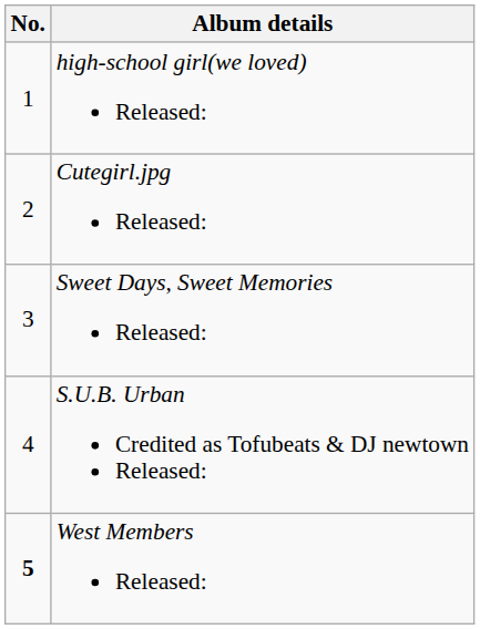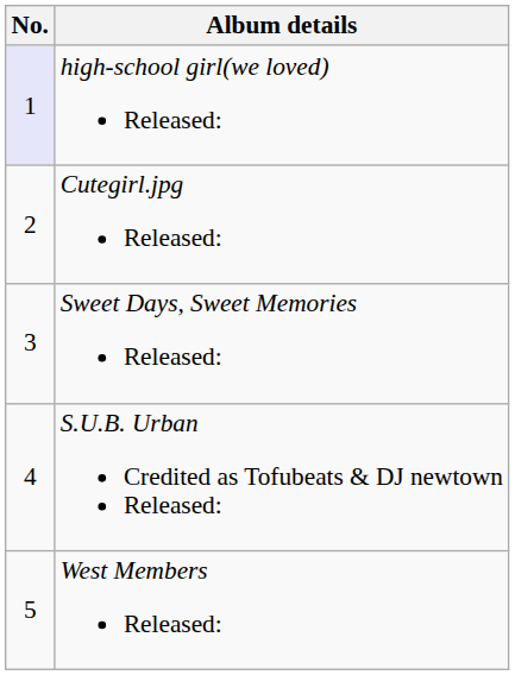 <table class="wikitable">
 <tr>
 <th rowspan="1">No.</th>
 <th rowspan="1">Album details</th>
 </tr>
 <tr>
-<td align="center">1</td>
+<td align="center" style="background: lavender;">1</td>
 <td><em>high-school girl(we loved)</em><br><ul><li>Released: </li></ul></td>
 </tr>
 <tr>
 <td align="center">2</td>
 <td><em>Cutegirl.jpg</em><br><ul><li>Released: </li></ul></td>
 </tr>
 <tr>
 <td align="center">3</td>
 <td><em>Sweet Days, Sweet Memories</em><br><ul><li>Released: </li></ul></td>
 </tr>
 <tr>
 <td align="center">4</td>
 <td><em>S.U.B. Urban</em><br><ul><li>Credited as Tofubeats & DJ newtown</li><li>Released: </li></ul></td>
 </tr>
 <tr>
-<td align="center"><strong>5</strong></td>
+<td align="center">5</td>
 <td><em>West Members</em><br><ul><li>Released: </li></ul></td>
 </tr>
 </table>
